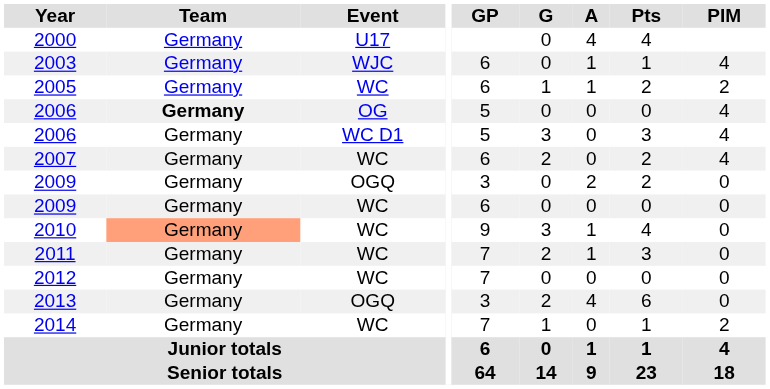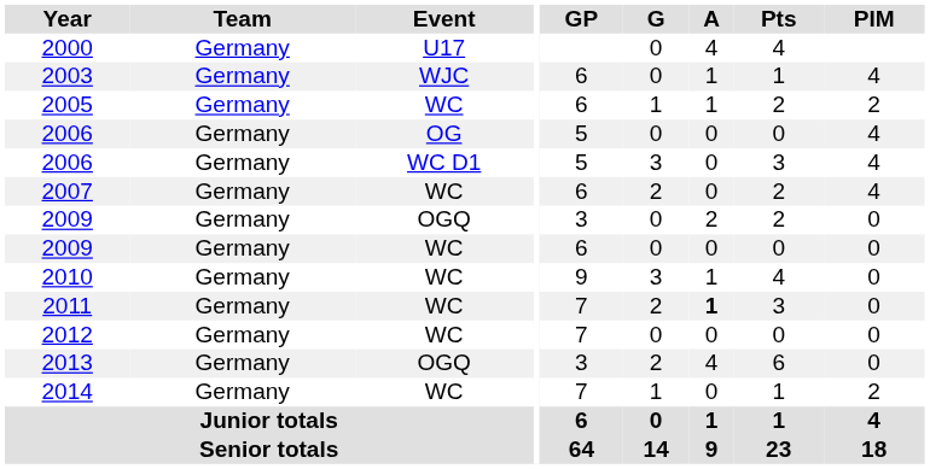 <table border="0" cellpadding="1" cellspacing="0" ID="Table3" style="text-align:center; width:40em">
 <tr align="center" bgcolor="#e0e0e0">
 <th>Year</th>
 <th>Team</th>
 <th>Event</th>
 <th rowspan="99" bgcolor="#ffffff"></th>
 <th>GP</th>
 <th>G</th>
 <th>A</th>
 <th>Pts</th>
 <th>PIM</th>
 </tr>
 <tr>
 <td><a href='#'>2000</a></td>
 <td><a href='#'>Germany</a></td>
 <td><a href='#'>U17</a></td>
 <td></td>
 <td>0</td>
 <td>4</td>
 <td>4</td>
 <td></td>
 </tr>
 <tr bgcolor="#f0f0f0">
 <td><a href='#'>2003</a></td>
 <td><a href='#'>Germany</a></td>
 <td><a href='#'>WJC</a></td>
 <td>6</td>
 <td>0</td>
 <td>1</td>
 <td>1</td>
 <td>4</td>
 </tr>
 <tr>
 <td><a href='#'>2005</a></td>
 <td><a href='#'>Germany</a></td>
 <td><a href='#'>WC</a></td>
 <td>6</td>
 <td>1</td>
 <td>1</td>
 <td>2</td>
 <td>2</td>
 </tr>
 <tr bgcolor="#f0f0f0">
 <td><a href='#'>2006</a></td>
-<td><strong>Germany</strong></td>
+<td>Germany</td>
 <td><a href='#'>OG</a></td>
 <td>5</td>
 <td>0</td>
 <td>0</td>
 <td>0</td>
 <td>4</td>
 </tr>
 <tr>
 <td><a href='#'>2006</a></td>
 <td>Germany</td>
 <td><a href='#'>WC D1</a></td>
 <td>5</td>
 <td>3</td>
 <td>0</td>
 <td>3</td>
 <td>4</td>
 </tr>
 <tr bgcolor="#f0f0f0">
 <td><a href='#'>2007</a></td>
 <td>Germany</td>
 <td>WC</td>
 <td>6</td>
 <td>2</td>
 <td>0</td>
 <td>2</td>
 <td>4</td>
 </tr>
 <tr>
 <td><a href='#'>2009</a></td>
 <td>Germany</td>
 <td>OGQ</td>
 <td>3</td>
 <td>0</td>
 <td>2</td>
 <td>2</td>
 <td>0</td>
 </tr>
 <tr bgcolor="#f0f0f0">
 <td><a href='#'>2009</a></td>
 <td>Germany</td>
 <td>WC</td>
 <td>6</td>
 <td>0</td>
 <td>0</td>
 <td>0</td>
 <td>0</td>
 </tr>
 <tr>
 <td><a href='#'>2010</a></td>
-<td style="background: lightsalmon;">Germany</td>
+<td>Germany</td>
 <td>WC</td>
 <td>9</td>
 <td>3</td>
 <td>1</td>
 <td>4</td>
 <td>0</td>
 </tr>
 <tr bgcolor="#f0f0f0">
 <td><a href='#'>2011</a></td>
 <td>Germany</td>
 <td>WC</td>
 <td>7</td>
 <td>2</td>
-<td>1</td>
+<td><strong>1</strong></td>
 <td>3</td>
 <td>0</td>
 </tr>
 <tr>
 <td><a href='#'>2012</a></td>
 <td>Germany</td>
 <td>WC</td>
 <td>7</td>
 <td>0</td>
 <td>0</td>
 <td>0</td>
 <td>0</td>
 </tr>
 <tr bgcolor="#f0f0f0">
 <td><a href='#'>2013</a></td>
 <td>Germany</td>
 <td>OGQ</td>
 <td>3</td>
 <td>2</td>
 <td>4</td>
 <td>6</td>
 <td>0</td>
 </tr>
 <tr>
 <td><a href='#'>2014</a></td>
 <td>Germany</td>
 <td>WC</td>
 <td>7</td>
 <td>1</td>
 <td>0</td>
 <td>1</td>
 <td>2</td>
 </tr>
 <tr bgcolor="#e0e0e0">
 <th colspan="3">Junior totals</th>
 <th>6</th>
 <th>0</th>
 <th>1</th>
 <th>1</th>
 <th>4</th>
 </tr>
 <tr bgcolor="#e0e0e0">
 <th colspan="3">Senior totals</th>
 <th>64</th>
 <th>14</th>
 <th>9</th>
 <th>23</th>
 <th>18</th>
 </tr>
 </table>
